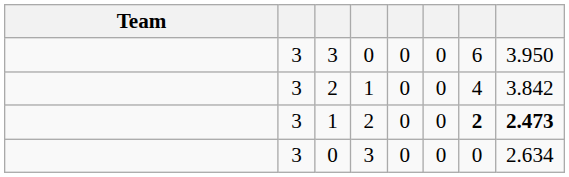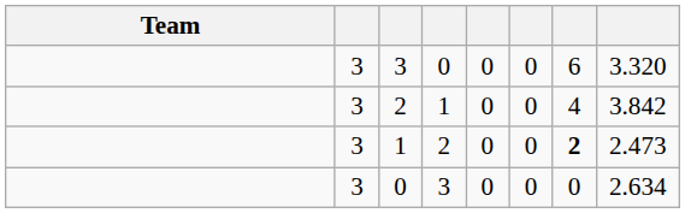 <table class="wikitable" style="text-align:center">
 <tr>
 <th width=200>Team</th>
 <th width=20></th>
 <th width=20></th>
 <th width=20></th>
 <th width=20></th>
 <th width=20></th>
 <th width=20></th>
 <th width=45></th>
 </tr>
 <tr>
 <td align="left"></td>
 <td>3</td>
 <td>3</td>
 <td>0</td>
 <td>0</td>
 <td>0</td>
 <td>6</td>
-<td>3.950</td>
+<td>3.320</td>
 </tr>
 <tr>
 <td align="left"></td>
 <td>3</td>
 <td>2</td>
 <td>1</td>
 <td>0</td>
 <td>0</td>
 <td>4</td>
 <td>3.842</td>
 </tr>
 <tr>
 <td align="left"></td>
 <td>3</td>
 <td>1</td>
 <td>2</td>
 <td>0</td>
 <td>0</td>
 <td><strong>2</strong></td>
-<td><strong>2.473</strong></td>
+<td>2.473</td>
 </tr>
 <tr>
 <td align="left"></td>
 <td>3</td>
 <td>0</td>
 <td>3</td>
 <td>0</td>
 <td>0</td>
 <td>0</td>
 <td>2.634</td>
 </tr>
 </table>
